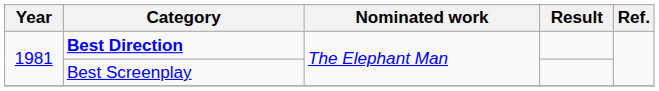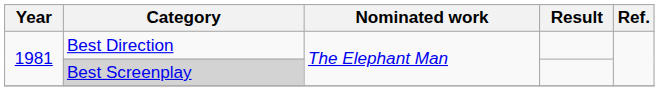 <table class=wikitable>
 <tr>
 <th scope="col" style="width:4em;">Year</th>
 <th scope="col" style="width:26em;">Category</th>
 <th scope="col" style="width:25em;">Nominated work</th>
 <th scope="col" style="width:5em;">Result</th>
 <th>Ref.</th>
 </tr>
 <tr>
 <td style="text-align:center;", rowspan="2"><a href='#'>1981</a></td>
-<td><strong><a href='#'>Best Direction</a></strong></td>
+<td><a href='#'>Best Direction</a></td>
 <td rowspan=2><em><a href='#'>The Elephant Man</a></em></td>
 <td></td>
 <td style="text-align:center;", rowspan=2></td>
 </tr>
 <tr>
-<td><a href='#'>Best Screenplay</a></td>
+<td style="background: lightgrey;"><a href='#'>Best Screenplay</a></td>
 <td></td>
 </tr>
 <tr>
 </tr>
 </table>
